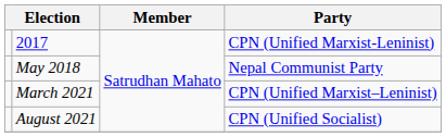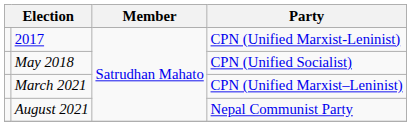 <table class="wikitable">
 <tr>
 <th colspan="2">Election</th>
 <th>Member</th>
 <th>Party</th>
 </tr>
 <tr>
 <td style="background-color:"></td>
 <td><a href='#'>2017</a></td>
 <td rowspan="4"><a href='#'>Satrudhan Mahato</a></td>
 <td><a href='#'>CPN (Unified Marxist-Leninist)</a></td>
 </tr>
 <tr>
 <td style="background-color:"></td>
 <td><em>May 2018</em></td>
-<td><a href='#'>Nepal Communist Party</a></td>
+<td><a href='#'>CPN (Unified Socialist)</a></td>
 </tr>
 <tr>
 <td style="background-color:"></td>
 <td><em>March 2021</em></td>
 <td><a href='#'>CPN (Unified Marxist–Leninist)</a></td>
 </tr>
 <tr>
 <td style="background-color:"></td>
 <td><em>August 2021</em></td>
-<td><a href='#'>CPN (Unified Socialist)</a></td>
+<td><a href='#'>Nepal Communist Party</a></td>
 </tr>
 <tr>
 </tr>
 </table>
